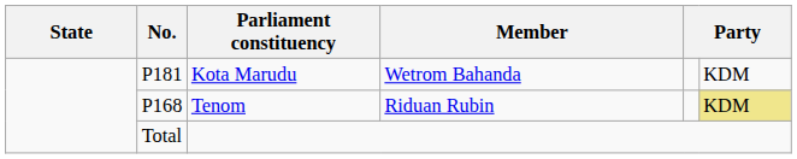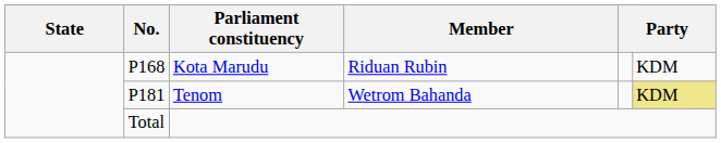 <table class ="wikitable sortable">
 <tr>
 <th style="width:100px;">State</th>
 <th style="width:30px;">No.</th>
 <th style="width:150px;">Parliament constituency</th>
 <th style="width:240px;">Member</th>
 <th colspan="2" style="width:80px;">Party</th>
 </tr>
 <tr>
 <td rowspan="3"></td>
-<td>P181</td>
+<td>P168</td>
 <td><a href='#'>Kota Marudu</a></td>
-<td><a href='#'>Wetrom Bahanda</a></td>
+<td><a href='#'>Riduan Rubin</a></td>
 <td></td>
 <td>KDM</td>
 </tr>
 <tr>
-<td>P168</td>
+<td>P181</td>
 <td><a href='#'>Tenom</a></td>
-<td><a href='#'>Riduan Rubin</a></td>
+<td><a href='#'>Wetrom Bahanda</a></td>
 <td></td>
 <td style="background: khaki;">KDM</td>
 </tr>
 <tr>
 <td>Total</td>
 <td style="width:30px;" colspan=5></td>
 </tr>
 </table>
